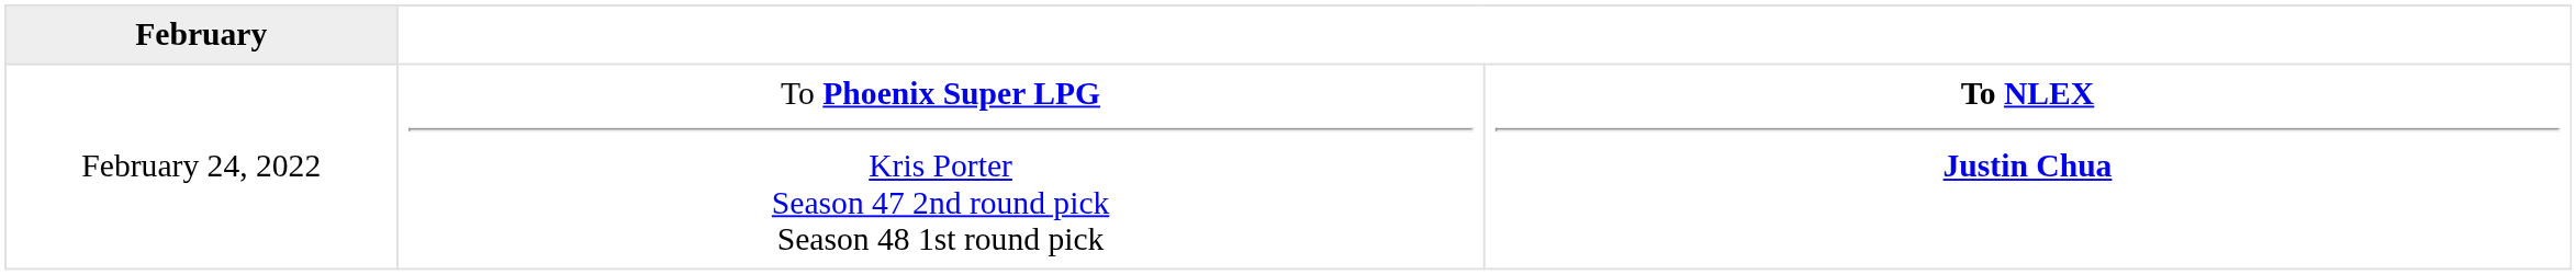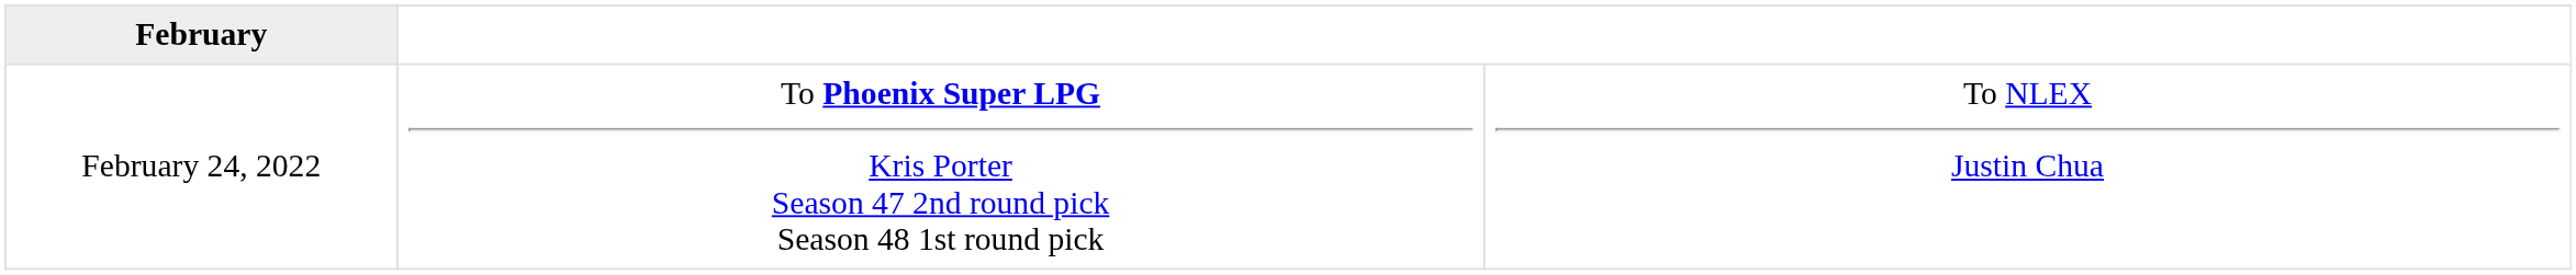 <table border=1 style="border-collapse:collapse; text-align: center; width: 100%" bordercolor="#DFDFDF"  cellpadding="5">
 <tr bgcolor="eeeeee">
 <th>February</th>
 </tr>
 <tr>
 <td style="width:12%">February 24, 2022</td>
 <td style="width:33.3%" valign="top">To <strong><a href='#'>Phoenix Super LPG</a></strong><hr><a href='#'>Kris Porter</a><br><a href='#'>Season 47 2nd round pick</a><br>Season 48 1st round pick</td>
-<td style="width:33.3%" valign="top"><strong>To <a href='#'>NLEX</a><hr><a href='#'>Justin Chua</a></strong></td>
+<td style="width:33.3%" valign="top">To <a href='#'>NLEX</a><hr><a href='#'>Justin Chua</a></td>
 </tr>
 </table>
